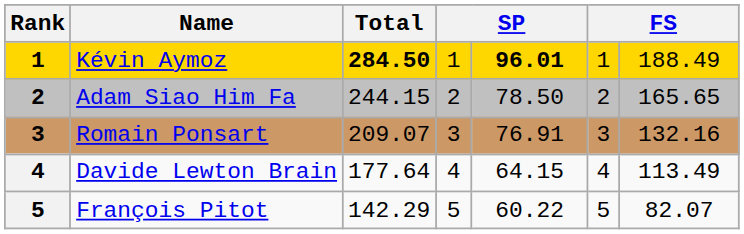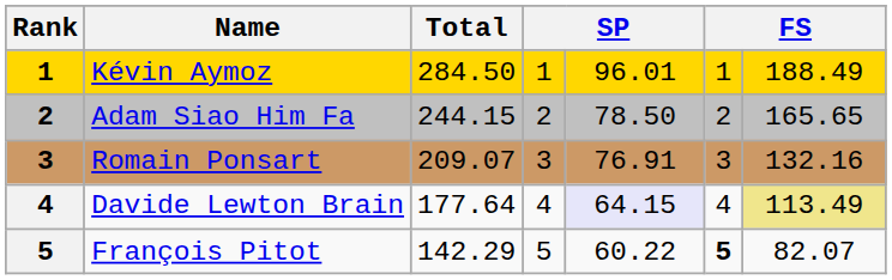 <table class="wikitable sortable">
 <tr>
 <th>Rank</th>
 <th>Name</th>
 <th>Total</th>
 <th colspan="2" width="80px"><a href='#'>SP</a></th>
 <th colspan="2" width="80px"><a href='#'>FS</a></th>
 </tr>
 <tr bgcolor="gold">
 <td align="center"><strong>1</strong></td>
 <td><a href='#'>Kévin Aymoz</a></td>
-<td align="center"><strong>284.50</strong></td>
+<td align="center">284.50</td>
 <td align="center">1</td>
-<td align="center"><strong>96.01</strong></td>
+<td align="center">96.01</td>
 <td align="center">1</td>
 <td align="center">188.49</td>
 </tr>
 <tr bgcolor="silver">
 <td align="center"><strong>2</strong></td>
 <td><a href='#'>Adam Siao Him Fa</a></td>
 <td align="center">244.15</td>
 <td align="center">2</td>
 <td align="center">78.50</td>
 <td align="center">2</td>
 <td align="center">165.65</td>
 </tr>
 <tr bgcolor="cc9966">
 <td align="center"><strong>3</strong></td>
 <td><a href='#'>Romain Ponsart</a></td>
 <td align="center">209.07</td>
 <td align="center">3</td>
 <td align="center">76.91</td>
 <td align="center">3</td>
 <td align="center">132.16</td>
 </tr>
 <tr>
 <th>4</th>
 <td> <a href='#'>Davide Lewton Brain</a></td>
 <td align="center">177.64</td>
 <td align="center">4</td>
-<td align="center">64.15</td>
+<td align="center" style="background: lavender;">64.15</td>
 <td align="center">4</td>
-<td align="center">113.49</td>
+<td align="center" style="background: khaki;">113.49</td>
 </tr>
 <tr>
 <th>5</th>
 <td><a href='#'>François Pitot</a></td>
 <td align="center">142.29</td>
 <td align="center">5</td>
 <td align="center">60.22</td>
-<td align="center">5</td>
+<td align="center"><strong>5</strong></td>
 <td align="center">82.07</td>
 </tr>
 </table>
